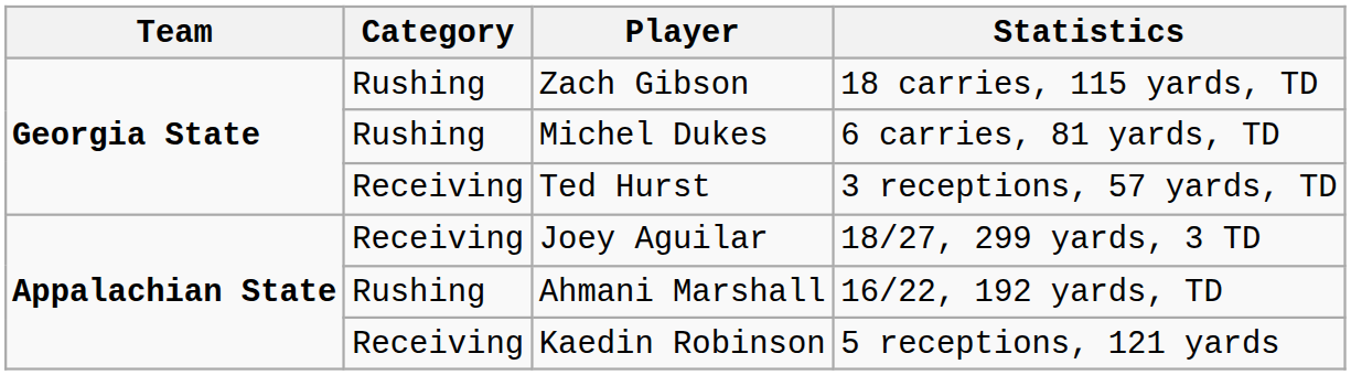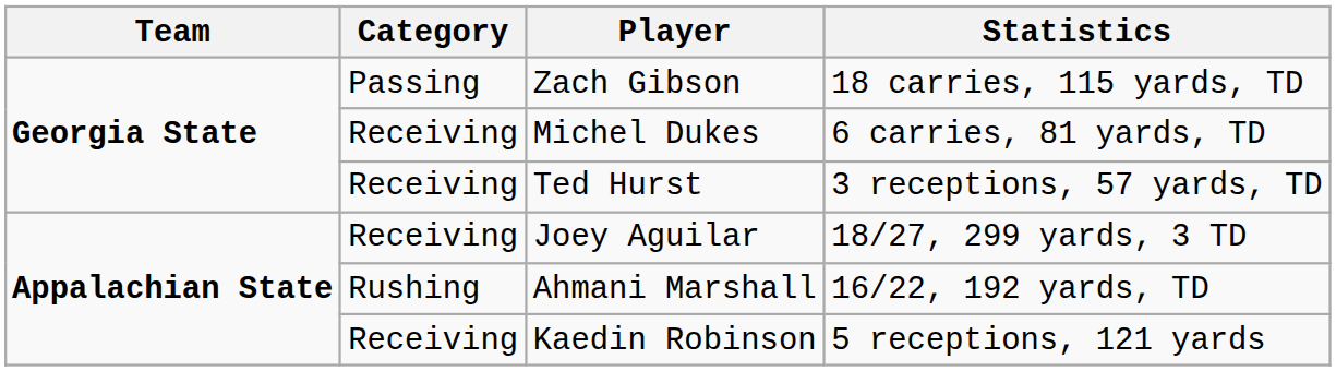 <table class="wikitable" style="float: right;">
 <tr>
 <th>Team</th>
 <th>Category</th>
 <th>Player</th>
 <th>Statistics</th>
 </tr>
 <tr>
 <td rowspan=3><strong>Georgia State</strong></td>
-<td>Rushing</td>
+<td>Passing</td>
 <td>Zach Gibson</td>
 <td>18 carries, 115 yards, TD</td>
 </tr>
 <tr>
-<td>Rushing</td>
+<td>Receiving</td>
 <td>Michel Dukes</td>
 <td>6 carries, 81 yards, TD</td>
 </tr>
 <tr>
 <td>Receiving</td>
 <td>Ted Hurst</td>
 <td>3 receptions, 57 yards, TD</td>
 </tr>
 <tr>
 <td rowspan=3><strong>Appalachian State</strong></td>
 <td>Receiving</td>
 <td>Joey Aguilar</td>
 <td>18/27, 299 yards, 3 TD</td>
 </tr>
 <tr>
 <td>Rushing</td>
 <td>Ahmani Marshall</td>
 <td>16/22, 192 yards, TD</td>
 </tr>
 <tr>
 <td>Receiving</td>
 <td>Kaedin Robinson</td>
 <td>5 receptions, 121 yards</td>
 </tr>
 </table>
